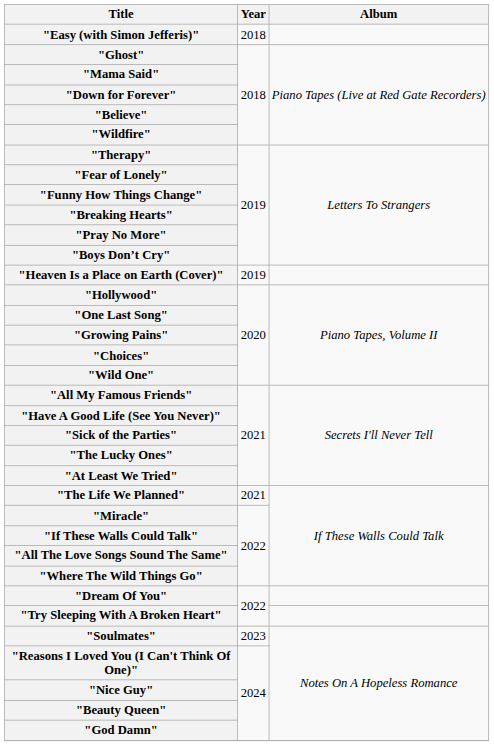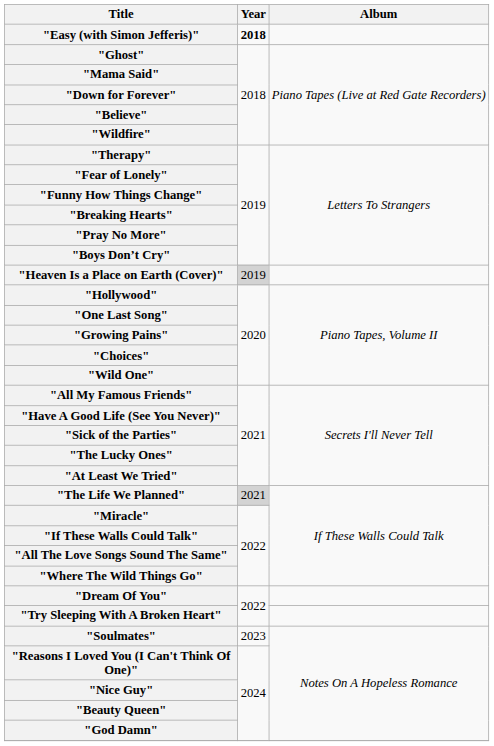 <table class="wikitable plainrowheaders" style="text-align:center;">
 <tr>
 <th scope="col" style="width:18em;">Title</th>
 <th scope="col" style="width:1em;">Year</th>
 <th scope="col">Album</th>
 </tr>
 <tr>
 <th scope="row">"Easy (with Simon Jefferis)"</th>
-<td>2018</td>
+<td><strong>2018</strong></td>
 <td></td>
 </tr>
 <tr>
 <th scope="row">"Ghost"</th>
 <td rowspan="5">2018</td>
 <td rowspan="5"><em>Piano Tapes (Live at Red Gate Recorders)</em></td>
 </tr>
 <tr>
 <th scope="row">"Mama Said"</th>
 </tr>
 <tr>
 <th scope="row">"Down for Forever"</th>
 </tr>
 <tr>
 <th scope="row">"Believe"</th>
 </tr>
 <tr>
 <th scope="row">"Wildfire"</th>
 </tr>
 <tr>
 <th scope="row">"Therapy"</th>
 <td rowspan="6">2019</td>
 <td rowspan="6"><em>Letters To Strangers</em></td>
 </tr>
 <tr>
 <th scope="row">"Fear of Lonely"</th>
 </tr>
 <tr>
 <th scope="row">"Funny How Things Change"</th>
 </tr>
 <tr>
 <th scope="row">"Breaking Hearts"</th>
 </tr>
 <tr>
 <th scope="row">"Pray No More"</th>
 </tr>
 <tr>
 <th scope="row">"Boys Don’t Cry"</th>
 </tr>
 <tr>
 <th scope="row">"Heaven Is a Place on Earth (Cover)"</th>
-<td>2019</td>
+<td style="background: lightgrey;">2019</td>
 <td></td>
 </tr>
 <tr>
 <th scope="row">"Hollywood"</th>
 <td rowspan="5">2020</td>
 <td rowspan="5"><em>Piano Tapes, Volume II</em></td>
 </tr>
 <tr>
 <th scope="row">"One Last Song"</th>
 </tr>
 <tr>
 <th scope="row">"Growing Pains"</th>
 </tr>
 <tr>
 <th scope="row">"Choices"</th>
 </tr>
 <tr>
 <th scope="row">"Wild One"</th>
 </tr>
 <tr>
 <th scope="row">"All My Famous Friends"</th>
 <td rowspan="5">2021</td>
 <td rowspan="5"><em>Secrets I'll Never Tell</em></td>
 </tr>
 <tr>
 <th scope="row">"Have A Good Life (See You Never)"</th>
 </tr>
 <tr>
 <th scope="row">"Sick of the Parties"</th>
 </tr>
 <tr>
 <th scope="row">"The Lucky Ones"</th>
 </tr>
 <tr>
 <th scope="row">"At Least We Tried"</th>
 </tr>
 <tr>
 <th scope="row">"The Life We Planned"</th>
-<td>2021</td>
+<td style="background: lightgrey;">2021</td>
 <td rowspan="5"><em>If These Walls Could Talk</em></td>
 </tr>
 <tr>
 <th scope="row">"Miracle"</th>
 <td rowspan="4">2022</td>
 </tr>
 <tr>
 <th scope="row">"If These Walls Could Talk"</th>
 </tr>
 <tr>
 <th scope="row">"All The Love Songs Sound The Same"</th>
 </tr>
 <tr>
 <th scope="row">"Where The Wild Things Go"</th>
 </tr>
 <tr>
 <th scope="row">"Dream Of You"</th>
 <td rowspan="2">2022</td>
 <td></td>
 </tr>
 <tr>
 <th scope="row">"Try Sleeping With A Broken Heart"</th>
 <td></td>
 </tr>
 <tr>
 <th scope="row">"Soulmates"</th>
 <td>2023</td>
 <td rowspan="5"><em>Notes On A Hopeless Romance</em></td>
 </tr>
 <tr>
 <th scope="row">"Reasons I Loved You (I Can't Think Of One)"</th>
 <td rowspan="4">2024</td>
 </tr>
 <tr>
 <th scope="row">"Nice Guy"</th>
 </tr>
 <tr>
 <th scope="row">"Beauty Queen"</th>
 </tr>
 <tr>
 <th scope="row">"God Damn"</th>
 </tr>
 <tr>
 </tr>
 </table>
